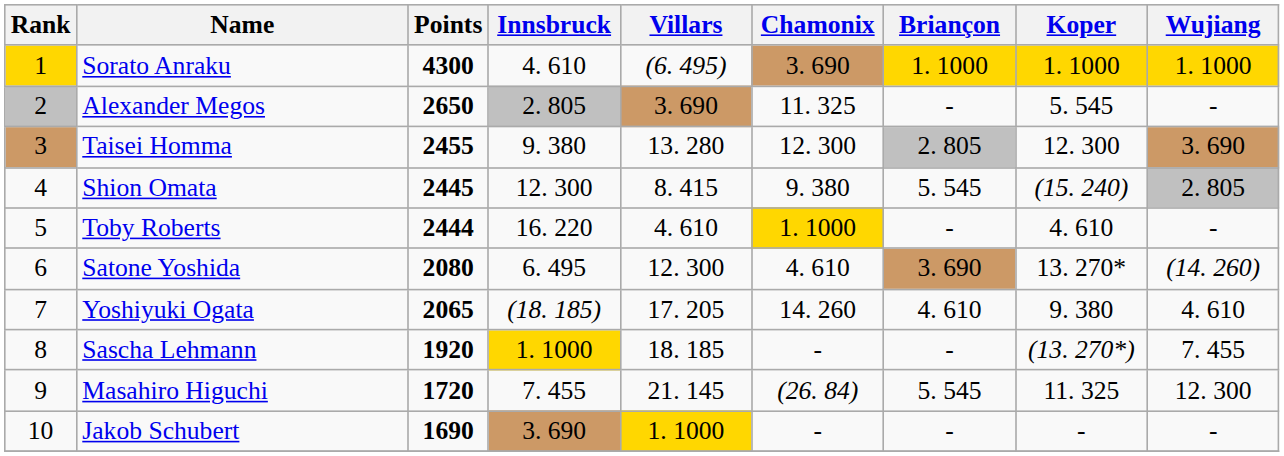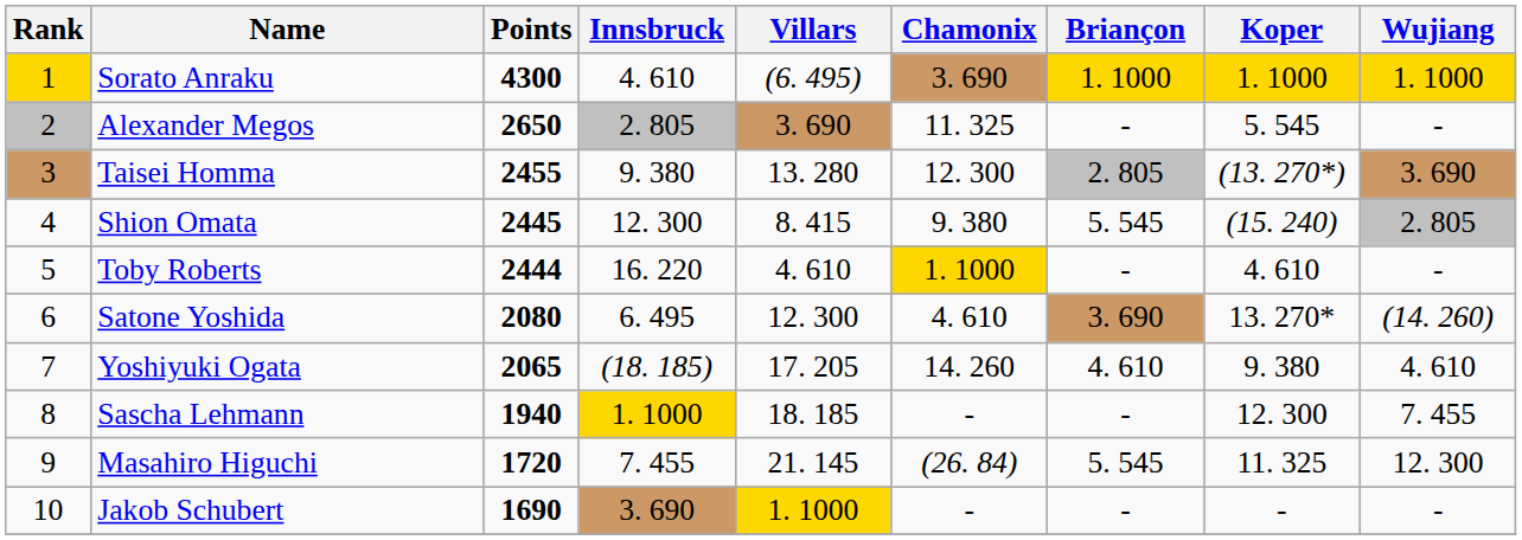 <table class="wikitable sortable">
 <tr>
 <th>Rank</th>
 <th width = "200">Name</th>
 <th>Points</th>
 <th width = "75" data-sort-type="number"><a href='#'>Innsbruck</a></th>
 <th width = "75" data-sort-type="number"><a href='#'>Villars</a></th>
 <th width = "75" data-sort-type="number"><a href='#'>Chamonix</a></th>
 <th width = "75" data-sort-type="number"><a href='#'>Briançon</a></th>
 <th width = "75" data-sort-type="number"><a href='#'>Koper</a></th>
 <th width = "75" data-sort-type="number"><a href='#'>Wujiang</a></th>
 </tr>
 <tr>
 <td align="center" style="background: gold">1</td>
 <td> <a href='#'>Sorato Anraku</a></td>
 <td align="center"><strong>4300</strong></td>
 <td align="center">4. 610</td>
 <td align="center"><em>(6. 495)</em></td>
 <td align="center" style="background: #cc9966">3. 690</td>
 <td align="center" style="background: gold">1. 1000</td>
 <td align="center" style="background: gold">1. 1000</td>
 <td align="center" style="background: gold">1. 1000</td>
 </tr>
 <tr>
 <td align="center" style="background: silver">2</td>
 <td> <a href='#'>Alexander Megos</a></td>
 <td align="center"><strong>2650</strong></td>
 <td align="center" style="background: silver">2. 805</td>
 <td align="center" style="background: #cc9966">3. 690</td>
 <td align="center">11. 325</td>
 <td align="center">-</td>
 <td align="center">5. 545</td>
 <td align="center">-</td>
 </tr>
 <tr>
 <td align="center" style="background: #cc9966">3</td>
 <td> <a href='#'>Taisei Homma</a></td>
 <td align="center"><strong>2455</strong></td>
 <td align="center">9. 380</td>
 <td align="center">13. 280</td>
 <td align="center">12. 300</td>
 <td align="center" style="background: silver">2. 805</td>
-<td align="center">12. 300</td>
+<td align="center"><em>(13. 270*)</em></td>
 <td align="center" style="background: #cc9966">3. 690</td>
 </tr>
 <tr>
 <td align="center">4</td>
 <td> <a href='#'>Shion Omata</a></td>
 <td align="center"><strong>2445</strong></td>
 <td align="center">12. 300</td>
 <td align="center">8. 415</td>
 <td align="center">9. 380</td>
 <td align="center">5. 545</td>
 <td align="center"><em>(15. 240)</em></td>
 <td align="center" style="background: silver">2. 805</td>
 </tr>
 <tr>
 <td align="center">5</td>
 <td> <a href='#'>Toby Roberts</a></td>
 <td align="center"><strong>2444</strong></td>
 <td align="center">16. 220</td>
 <td align="center">4. 610</td>
 <td align="center" style="background: gold">1. 1000</td>
 <td align="center">-</td>
 <td align="center">4. 610</td>
 <td align="center">-</td>
 </tr>
 <tr>
 <td align="center">6</td>
 <td> <a href='#'>Satone Yoshida</a></td>
 <td align="center"><strong>2080</strong></td>
 <td align="center">6. 495</td>
 <td align="center">12. 300</td>
 <td align="center">4. 610</td>
 <td align="center" style="background: #cc9966">3. 690</td>
 <td align="center">13. 270*</td>
 <td align="center"><em>(14. 260)</em></td>
 </tr>
 <tr>
 <td align="center">7</td>
 <td> <a href='#'>Yoshiyuki Ogata</a></td>
 <td align="center"><strong>2065</strong></td>
 <td align="center"><em>(18. 185)</em></td>
 <td align="center">17. 205</td>
 <td align="center">14. 260</td>
 <td align="center">4. 610</td>
 <td align="center">9. 380</td>
 <td align="center">4. 610</td>
 </tr>
 <tr>
 <td align="center">8</td>
 <td> <a href='#'>Sascha Lehmann</a></td>
-<td align="center"><strong>1920</strong></td>
+<td align="center"><strong>1940</strong></td>
 <td align="center" style="background: gold">1. 1000</td>
 <td align="center">18. 185</td>
 <td align="center">-</td>
 <td align="center">-</td>
-<td align="center"><em>(13. 270*)</em></td>
+<td align="center">12. 300</td>
 <td align="center">7. 455</td>
 </tr>
 <tr>
 <td align="center">9</td>
 <td> <a href='#'>Masahiro Higuchi</a></td>
 <td align="center"><strong>1720</strong></td>
 <td align="center">7. 455</td>
 <td align="center">21. 145</td>
 <td align="center"><em>(26. 84)</em></td>
 <td align="center">5. 545</td>
 <td align="center">11. 325</td>
 <td align="center">12. 300</td>
 </tr>
 <tr>
 <td align="center">10</td>
 <td> <a href='#'>Jakob Schubert</a></td>
 <td align="center"><strong>1690</strong></td>
 <td align="center" style="background: #cc9966">3. 690</td>
 <td align="center" style="background: gold">1. 1000</td>
 <td align="center">-</td>
 <td align="center">-</td>
 <td align="center">-</td>
 <td align="center">-</td>
 </tr>
 <tr>
 </tr>
 </table>
